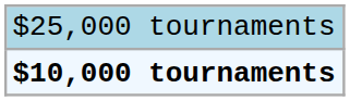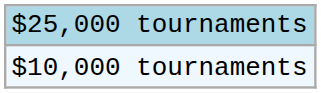 <table class="wikitable" style="font-size:85%;" width=15%>
 <tr style="background:lightblue;">
 <td>$25,000 tournaments</td>
 </tr>
 <tr bgcolor="#f0f8ff">
-<td><strong>$10,000 tournaments</strong></td>
+<td>$10,000 tournaments</td>
 </tr>
 </table>
